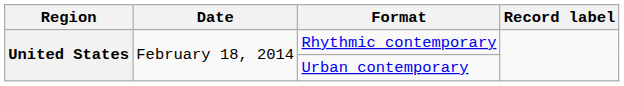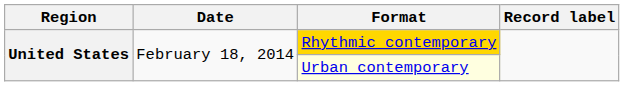 <table class="wikitable plainrowheaders">
 <tr>
 <th scope="col">Region</th>
 <th scope="col">Date</th>
 <th scope="col">Format</th>
 <th scope="col">Record label</th>
 </tr>
 <tr>
 <th scope="row" rowspan="2">United States</th>
 <td rowspan="2">February 18, 2014</td>
-<td><a href='#'>Rhythmic contemporary</a></td>
+<td style="background: gold;"><a href='#'>Rhythmic contemporary</a></td>
 <td rowspan="2"></td>
 </tr>
 <tr>
-<td><a href='#'>Urban contemporary</a></td>
+<td style="background: lightyellow;"><a href='#'>Urban contemporary</a></td>
 </tr>
 </table>
